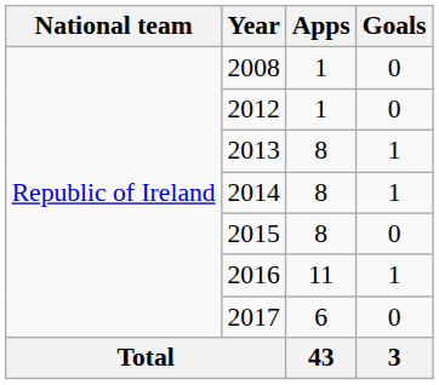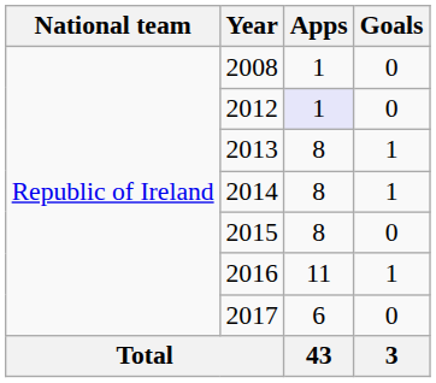 <table class="wikitable" style="text-align:center">
 <tr>
 <th>National team</th>
 <th>Year</th>
 <th>Apps</th>
 <th>Goals</th>
 </tr>
 <tr>
 <td rowspan="7"><a href='#'>Republic of Ireland</a></td>
 <td>2008</td>
 <td>1</td>
 <td>0</td>
 </tr>
 <tr>
 <td>2012</td>
-<td>1</td>
+<td style="background: lavender;">1</td>
 <td>0</td>
 </tr>
 <tr>
 <td>2013</td>
 <td>8</td>
 <td>1</td>
 </tr>
 <tr>
 <td>2014</td>
 <td>8</td>
 <td>1</td>
 </tr>
 <tr>
 <td>2015</td>
 <td>8</td>
 <td>0</td>
 </tr>
 <tr>
 <td>2016</td>
 <td>11</td>
 <td>1</td>
 </tr>
 <tr>
 <td>2017</td>
 <td>6</td>
 <td>0</td>
 </tr>
 <tr>
 <th colspan="2">Total</th>
 <th>43</th>
 <th>3</th>
 </tr>
 </table>
